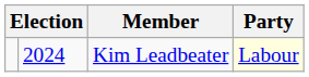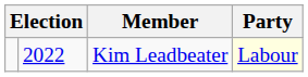 <table class="wikitable">
 <tr>
 <th colspan="2">Election</th>
 <th>Member</th>
 <th>Party</th>
 </tr>
 <tr>
 <td style="color:inherit;background-color: "></td>
-<td><a href='#'>2024</a></td>
+<td><a href='#'>2022</a></td>
 <td><a href='#'>Kim Leadbeater</a></td>
 <td style="background: lightyellow;"><a href='#'>Labour</a></td>
 </tr>
 </table>
